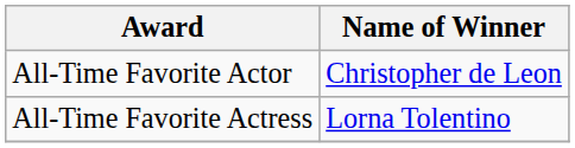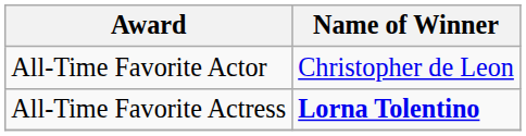 <table class="wikitable"  style="text-align:left;">
 <tr>
 <th>Award</th>
 <th>Name of Winner</th>
 </tr>
 <tr>
 <td>All-Time Favorite Actor</td>
 <td><a href='#'>Christopher de Leon</a></td>
 </tr>
 <tr>
 <td>All-Time Favorite Actress</td>
-<td><a href='#'>Lorna Tolentino</a></td>
+<td><strong><a href='#'>Lorna Tolentino</a></strong></td>
 </tr>
 <tr>
 </tr>
 </table>
